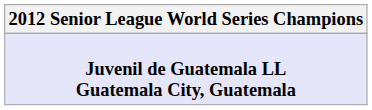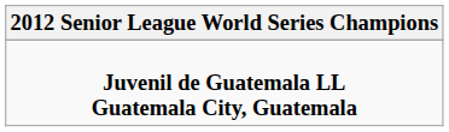 <table class="wikitable" style="text-align: center; margin: 0 auto;">
 <tr>
 <th>2012 Senior League World Series Champions</th>
 </tr>
 <tr>
 </tr>
 <tr>
-<td style="background: lavender;"><br><strong>Juvenil de Guatemala LL</strong><br> <strong>Guatemala City, Guatemala</strong></td>
+<td><br><strong>Juvenil de Guatemala LL</strong><br> <strong>Guatemala City, Guatemala</strong></td>
 </tr>
 </table>
